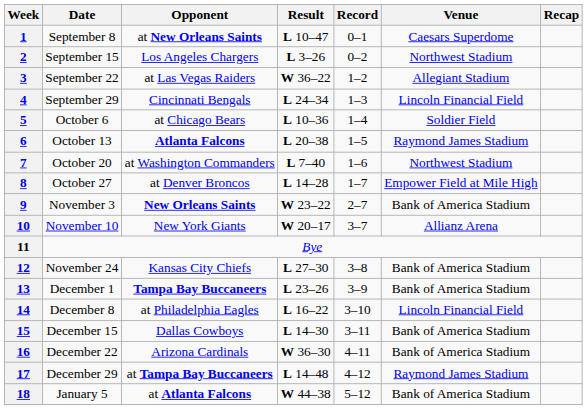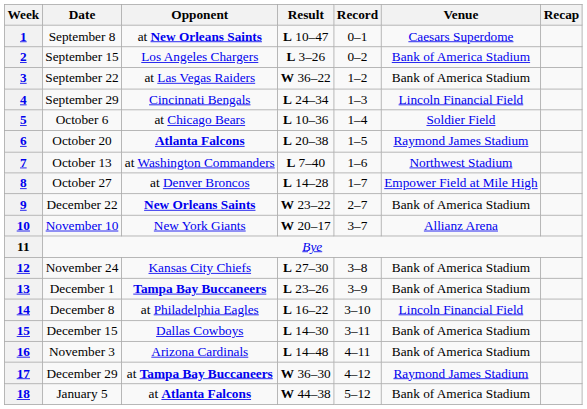 <table class="wikitable" style="text-align:center">
 <tr>
 <th>Week</th>
 <th>Date</th>
 <th>Opponent</th>
 <th>Result</th>
 <th>Record</th>
 <th>Venue</th>
 <th>Recap</th>
 </tr>
 <tr>
 <th><a href='#'>1</a></th>
 <td>September 8</td>
 <td>at <strong><a href='#'>New Orleans Saints</a></strong></td>
 <td><strong>L</strong> 10–47</td>
 <td>0–1</td>
 <td><a href='#'>Caesars Superdome</a></td>
 <td></td>
 </tr>
 <tr>
 <th><a href='#'>2</a></th>
 <td>September 15</td>
 <td><a href='#'>Los Angeles Chargers</a></td>
 <td><strong>L</strong> 3–26</td>
 <td>0–2</td>
-<td><a href='#'>Northwest Stadium</a></td>
+<td><a href='#'>Bank of America Stadium</a></td>
 <td></td>
 </tr>
 <tr>
 <th><a href='#'>3</a></th>
 <td>September 22</td>
 <td>at <a href='#'>Las Vegas Raiders</a></td>
 <td><strong>W</strong> 36–22</td>
 <td>1–2</td>
-<td><a href='#'>Allegiant Stadium</a></td>
+<td>Bank of America Stadium</td>
 <td></td>
 </tr>
 <tr>
 <th><a href='#'>4</a></th>
 <td>September 29</td>
 <td><a href='#'>Cincinnati Bengals</a></td>
 <td><strong>L</strong> 24–34</td>
 <td>1–3</td>
 <td><a href='#'>Lincoln Financial Field</a></td>
 <td></td>
 </tr>
 <tr>
 <th><a href='#'>5</a></th>
 <td>October 6</td>
 <td>at <a href='#'>Chicago Bears</a></td>
 <td><strong>L</strong> 10–36</td>
 <td>1–4</td>
 <td><a href='#'>Soldier Field</a></td>
 <td></td>
 </tr>
 <tr>
 <th><a href='#'>6</a></th>
-<td>October 13</td>
+<td>October 20</td>
 <td><strong><a href='#'>Atlanta Falcons</a></strong></td>
 <td><strong>L</strong> 20–38</td>
 <td>1–5</td>
 <td><a href='#'>Raymond James Stadium</a></td>
 <td></td>
 </tr>
 <tr>
 <th><a href='#'>7</a></th>
-<td>October 20</td>
+<td>October 13</td>
 <td>at <a href='#'>Washington Commanders</a></td>
 <td><strong>L</strong> 7–40</td>
 <td>1–6</td>
 <td><a href='#'>Northwest Stadium</a></td>
 <td></td>
 </tr>
 <tr>
 <th><a href='#'>8</a></th>
 <td>October 27</td>
 <td>at <a href='#'>Denver Broncos</a></td>
 <td><strong>L</strong> 14–28</td>
 <td>1–7</td>
 <td><a href='#'>Empower Field at Mile High</a></td>
 <td></td>
 </tr>
 <tr>
 <th><a href='#'>9</a></th>
-<td>November 3</td>
+<td>December 22</td>
 <td><strong><a href='#'>New Orleans Saints</a></strong></td>
 <td><strong>W</strong> 23–22</td>
 <td>2–7</td>
 <td>Bank of America Stadium</td>
 <td></td>
 </tr>
 <tr>
 <th><a href='#'>10</a></th>
 <td><a href='#'>November 10</a></td>
 <td><a href='#'>New York Giants</a></td>
 <td><strong>W</strong> 20–17 </td>
 <td>3–7</td>
 <td> <a href='#'>Allianz Arena</a> </td>
 <td></td>
 </tr>
 <tr>
 <th>11</th>
 <td colspan="6"><em><a href='#'>Bye</a></em></td>
 </tr>
 <tr>
 <th><a href='#'>12</a></th>
 <td>November 24</td>
 <td><a href='#'>Kansas City Chiefs</a></td>
 <td><strong>L</strong> 27–30</td>
 <td>3–8</td>
 <td>Bank of America Stadium</td>
 <td></td>
 </tr>
 <tr>
 <th><a href='#'>13</a></th>
 <td>December 1</td>
 <td><strong><a href='#'>Tampa Bay Buccaneers</a></strong></td>
 <td><strong>L</strong> 23–26 </td>
 <td>3–9</td>
 <td>Bank of America Stadium</td>
 <td></td>
 </tr>
 <tr>
 <th><a href='#'>14</a></th>
 <td>December 8</td>
 <td>at <a href='#'>Philadelphia Eagles</a></td>
 <td><strong>L</strong> 16–22</td>
 <td>3–10</td>
 <td><a href='#'>Lincoln Financial Field</a></td>
 <td></td>
 </tr>
 <tr>
 <th><a href='#'>15</a></th>
 <td>December 15</td>
 <td><a href='#'>Dallas Cowboys</a></td>
 <td><strong>L</strong> 14–30</td>
 <td>3–11</td>
 <td>Bank of America Stadium</td>
 <td></td>
 </tr>
 <tr>
 <th><a href='#'>16</a></th>
-<td>December 22</td>
+<td>November 3</td>
 <td><a href='#'>Arizona Cardinals</a></td>
-<td><strong>W</strong> 36–30 </td>
+<td><strong>L</strong> 14–48</td>
 <td>4–11</td>
 <td>Bank of America Stadium</td>
 <td></td>
 </tr>
 <tr>
 <th><a href='#'>17</a></th>
 <td>December 29</td>
 <td>at <strong><a href='#'>Tampa Bay Buccaneers</a></strong></td>
-<td><strong>L</strong> 14–48</td>
+<td><strong>W</strong> 36–30 </td>
 <td>4–12</td>
 <td><a href='#'>Raymond James Stadium</a></td>
 <td></td>
 </tr>
 <tr>
 <th><a href='#'>18</a></th>
 <td>January 5</td>
 <td>at <strong><a href='#'>Atlanta Falcons</a></strong></td>
 <td><strong>W</strong> 44–38 </td>
 <td>5–12</td>
 <td>Bank of America Stadium</td>
 <td></td>
 </tr>
 </table>
